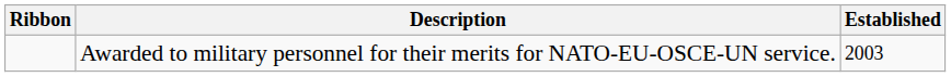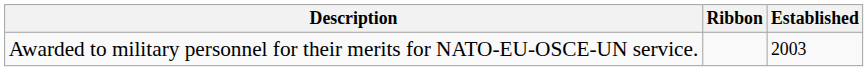 <table class="wikitable">
 <tr>
+<th>Description</th>
 <th>Ribbon</th>
-<th>Description</th>
 <th>Established</th>
 </tr>
 <tr>
+<td><big>Awarded to military personnel for their merits for NATO-EU-OSCE-UN service.</big></td>
 <td><big></big></td>
-<td><big>Awarded to military personnel for their merits for NATO-EU-OSCE-UN service.</big></td>
 <td>2003</td>
 </tr>
 </table>
